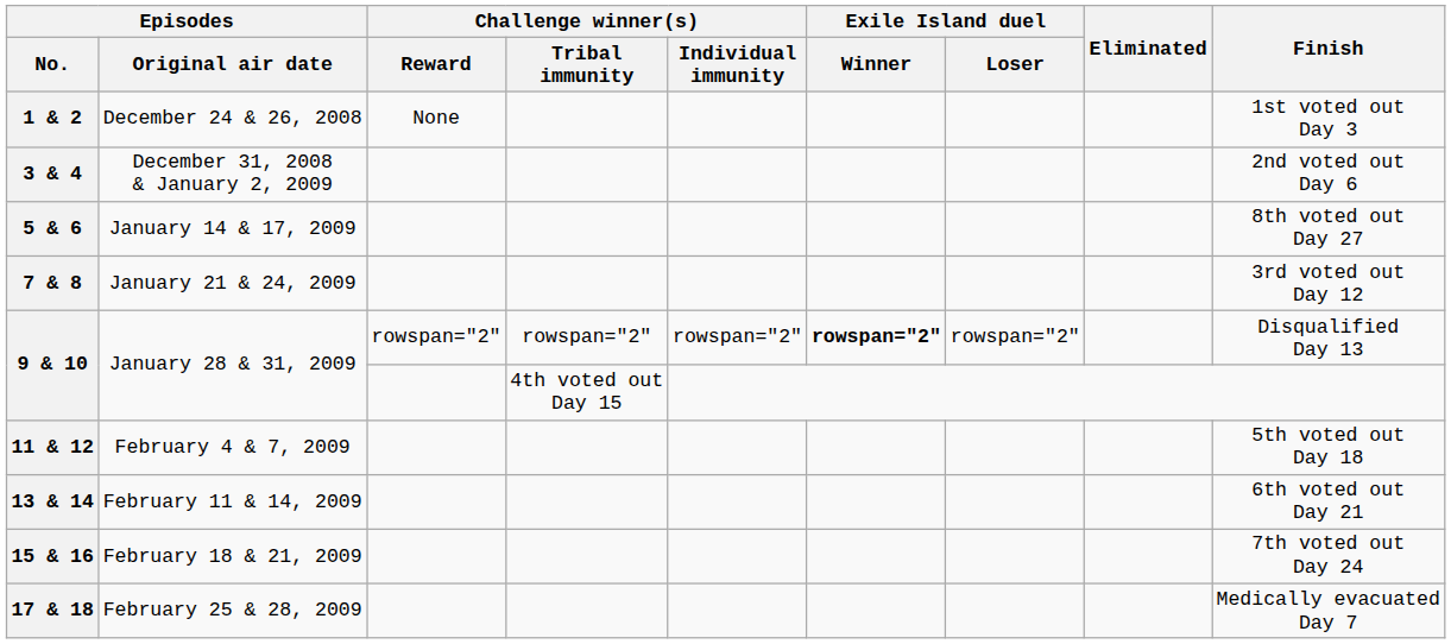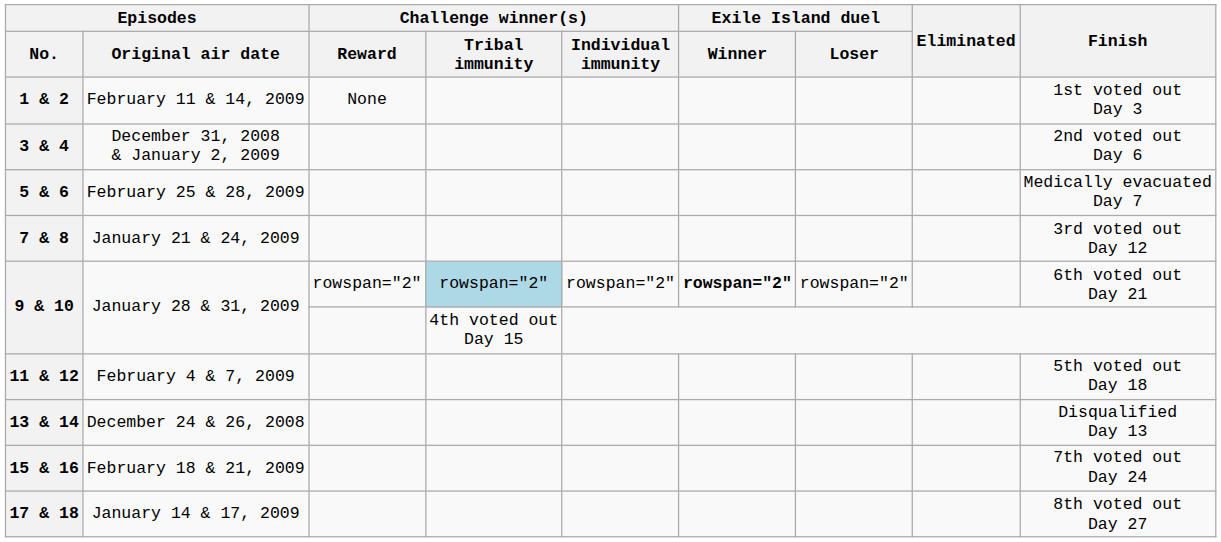 <table class="wikitable nowrap" style="margin:auto; text-align:center">
 <tr>
 <th colspan="2">Episodes</th>
 <th colspan="3">Challenge winner(s)</th>
 <th colspan="2">Exile Island duel</th>
 <th rowspan="2">Eliminated</th>
 <th rowspan="2">Finish</th>
 </tr>
 <tr>
 <th>No.</th>
 <th>Original air date</th>
 <th>Reward</th>
 <th>Tribal<br>immunity</th>
 <th>Individual<br>immunity</th>
 <th>Winner</th>
 <th>Loser</th>
 </tr>
 <tr>
 <th>1 & 2</th>
-<td>December 24 & 26, 2008</td>
+<td>February 11 & 14, 2009</td>
 <td>None</td>
 <td></td>
 <td></td>
 <td></td>
 <td></td>
 <td></td>
 <td>1st voted out<br>Day 3</td>
 </tr>
 <tr>
 <th>3 & 4</th>
 <td>December 31, 2008<br>& January 2, 2009</td>
 <td></td>
 <td></td>
 <td></td>
 <td></td>
 <td></td>
 <td></td>
 <td>2nd voted out<br>Day 6</td>
 </tr>
 <tr>
 <th>5 & 6</th>
-<td>January 14 & 17, 2009</td>
+<td>February 25 & 28, 2009</td>
 <td></td>
 <td></td>
 <td></td>
 <td></td>
 <td></td>
 <td></td>
-<td>8th voted out<br>Day 27</td>
+<td>Medically evacuated<br>Day 7</td>
 </tr>
 <tr>
 <th>7 & 8</th>
 <td>January 21 & 24, 2009</td>
 <td></td>
 <td></td>
 <td></td>
 <td></td>
 <td></td>
 <td></td>
 <td>3rd voted out<br>Day 12</td>
 </tr>
 <tr>
 <th rowspan="2">9 & 10</th>
 <td rowspan="2">January 28 & 31, 2009</td>
 <td>rowspan="2" </td>
-<td>rowspan="2" </td>
+<td style="background: lightblue;">rowspan="2" </td>
 <td>rowspan="2" </td>
 <td><strong>rowspan="2" </strong></td>
 <td>rowspan="2" </td>
 <td></td>
-<td>Disqualified<br>Day 13</td>
+<td>6th voted out<br>Day 21</td>
 </tr>
 <tr>
 <td></td>
 <td>4th voted out<br>Day 15</td>
 </tr>
 <tr>
 <th>11 & 12</th>
 <td>February 4 & 7, 2009</td>
 <td></td>
 <td></td>
 <td></td>
 <td></td>
 <td></td>
 <td></td>
 <td>5th voted out<br>Day 18</td>
 </tr>
 <tr>
 <th>13 & 14</th>
-<td>February 11 & 14, 2009</td>
+<td>December 24 & 26, 2008</td>
 <td></td>
 <td></td>
 <td></td>
 <td></td>
 <td></td>
 <td></td>
-<td>6th voted out<br>Day 21</td>
+<td>Disqualified<br>Day 13</td>
 </tr>
 <tr>
 <th>15 & 16</th>
 <td>February 18 & 21, 2009</td>
 <td></td>
 <td></td>
 <td></td>
 <td></td>
 <td></td>
 <td></td>
 <td>7th voted out<br>Day 24</td>
 </tr>
 <tr>
 <th>17 & 18</th>
-<td>February 25 & 28, 2009</td>
+<td>January 14 & 17, 2009</td>
 <td></td>
 <td></td>
 <td></td>
 <td></td>
 <td></td>
 <td></td>
-<td>Medically evacuated<br>Day 7</td>
+<td>8th voted out<br>Day 27</td>
 </tr>
 </table>
